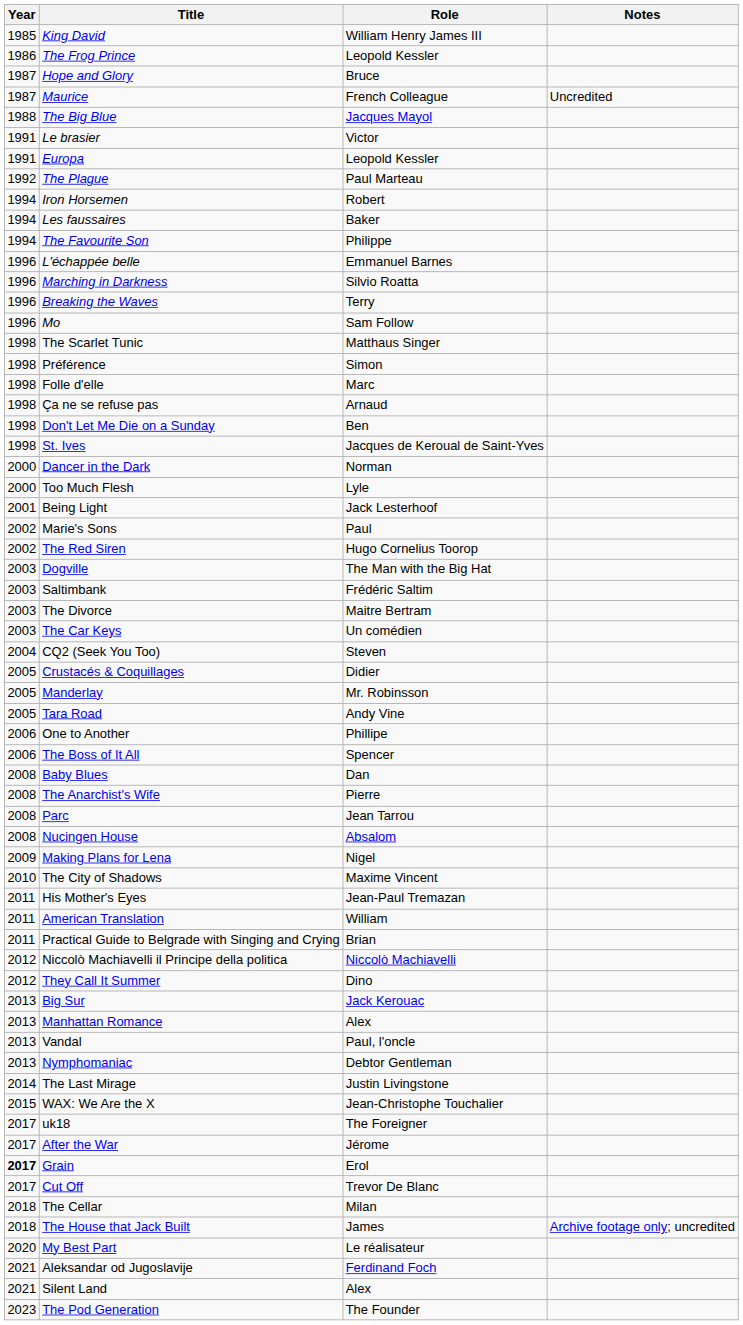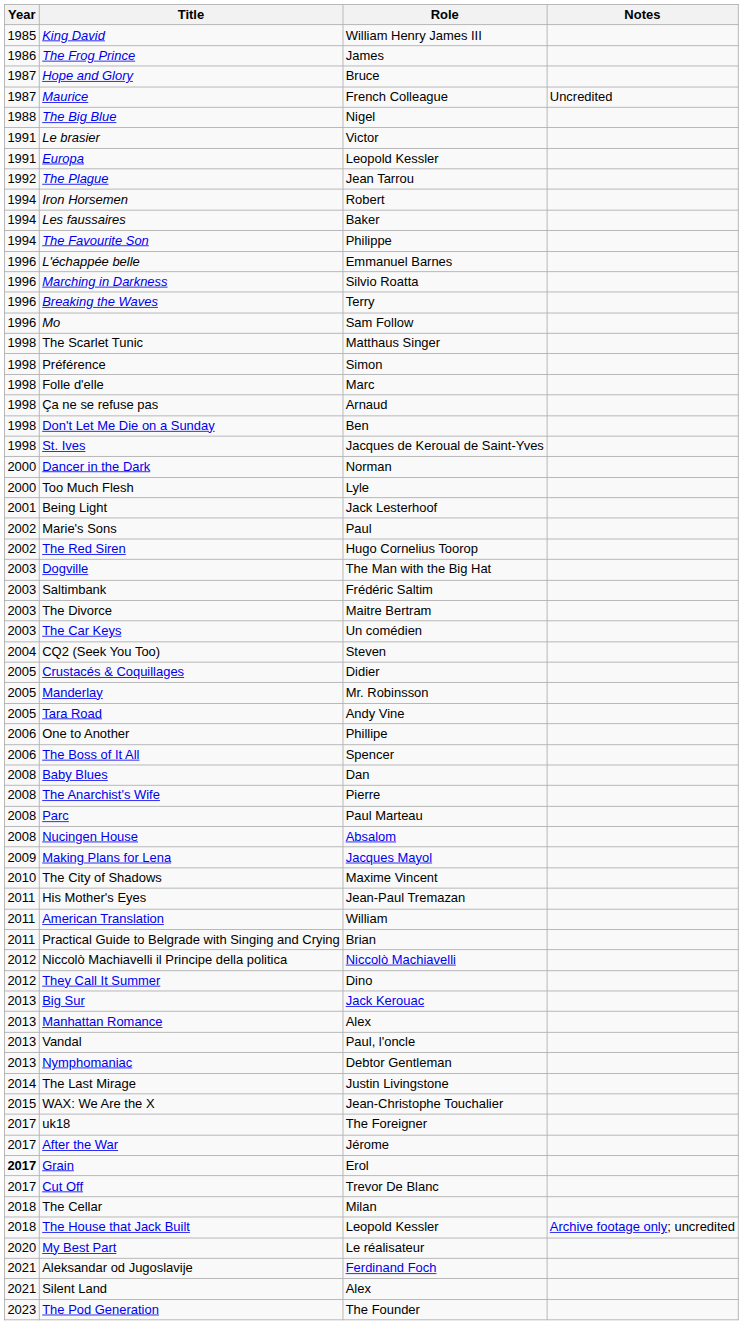 <table class="wikitable sortable">
 <tr>
 <th>Year</th>
 <th>Title</th>
 <th>Role</th>
 <th>Notes</th>
 </tr>
 <tr>
 <td>1985</td>
 <td><a href='#'><em>King David</em></a></td>
 <td>William Henry James III</td>
 <td></td>
 </tr>
 <tr>
 <td>1986</td>
 <td><a href='#'><em>The Frog Prince</em></a></td>
-<td>Leopold Kessler</td>
+<td>James</td>
 <td></td>
 </tr>
 <tr>
 <td>1987</td>
 <td><a href='#'><em>Hope and Glory</em></a></td>
 <td>Bruce</td>
 <td></td>
 </tr>
 <tr>
 <td>1987</td>
 <td><a href='#'><em>Maurice</em></a></td>
 <td>French Colleague</td>
 <td>Uncredited</td>
 </tr>
 <tr>
 <td>1988</td>
 <td><em><a href='#'>The Big Blue</a></em></td>
-<td><a href='#'>Jacques Mayol</a></td>
+<td>Nigel</td>
 <td></td>
 </tr>
 <tr>
 <td>1991</td>
 <td><em>Le brasier</em></td>
 <td>Victor</td>
 <td></td>
 </tr>
 <tr>
 <td>1991</td>
 <td><a href='#'><em>Europa</em></a></td>
 <td>Leopold Kessler</td>
 <td></td>
 </tr>
 <tr>
 <td>1992</td>
 <td><a href='#'><em>The Plague</em></a></td>
-<td>Paul Marteau</td>
+<td>Jean Tarrou</td>
 <td></td>
 </tr>
 <tr>
 <td>1994</td>
 <td><em>Iron Horsemen</em></td>
 <td>Robert</td>
 <td></td>
 </tr>
 <tr>
 <td>1994</td>
 <td><em>Les faussaires</em></td>
 <td>Baker</td>
 <td></td>
 </tr>
 <tr>
 <td>1994</td>
 <td><em><a href='#'>The Favourite Son</a></em></td>
 <td>Philippe</td>
 <td></td>
 </tr>
 <tr>
 <td>1996</td>
 <td><em>L'échappée belle</em></td>
 <td>Emmanuel Barnes</td>
 <td></td>
 </tr>
 <tr>
 <td>1996</td>
 <td><em><a href='#'>Marching in Darkness</a></em></td>
 <td>Silvio Roatta</td>
 <td></td>
 </tr>
 <tr>
 <td>1996</td>
 <td><em><a href='#'>Breaking the Waves</a></em></td>
 <td>Terry</td>
 <td></td>
 </tr>
 <tr>
 <td>1996</td>
 <td><em>Mo<strong></td>
 <td>Sam Follow</td>
 <td></td>
 </tr>
 <tr>
 <td>1998</td>
 <td></em>The Scarlet Tunic<em></td>
 <td>Matthaus Singer</td>
 <td></td>
 </tr>
 <tr>
 <td>1998</td>
 <td></em>Préférence<em></td>
 <td>Simon</td>
 <td></td>
 </tr>
 <tr>
 <td>1998</td>
 <td></em>Folle d'elle<em></td>
 <td>Marc</td>
 <td></td>
 </tr>
 <tr>
 <td>1998</td>
 <td></em>Ça ne se refuse pas<em></td>
 <td>Arnaud</td>
 <td></td>
 </tr>
 <tr>
 <td>1998</td>
 <td></em><a href='#'>Don't Let Me Die on a Sunday</a><em></td>
 <td>Ben</td>
 <td></td>
 </tr>
 <tr>
 <td>1998</td>
 <td><a href='#'></em>St. Ives<em></a></td>
 <td>Jacques de Keroual de Saint-Yves</td>
 <td></td>
 </tr>
 <tr>
 <td>2000</td>
 <td></em><a href='#'>Dancer in the Dark</a><em></td>
 <td>Norman</td>
 <td></td>
 </tr>
 <tr>
 <td>2000</td>
 <td></em>Too Much Flesh<em></td>
 <td>Lyle</td>
 <td></td>
 </tr>
 <tr>
 <td>2001</td>
 <td></em>Being Light<em></td>
 <td>Jack Lesterhoof</td>
 <td></td>
 </tr>
 <tr>
 <td>2002</td>
 <td></em>Marie's Sons<em></td>
 <td>Paul</td>
 <td></td>
 </tr>
 <tr>
 <td>2002</td>
 <td></em><a href='#'>The Red Siren</a><em></td>
 <td>Hugo Cornelius Toorop</td>
 <td></td>
 </tr>
 <tr>
 <td>2003</td>
 <td></em><a href='#'>Dogville</a><em></td>
 <td>The Man with the Big Hat</td>
 <td></td>
 </tr>
 <tr>
 <td>2003</td>
 <td></em>Saltimbank<em></td>
 <td>Frédéric Saltim</td>
 <td></td>
 </tr>
 <tr>
 <td>2003</td>
 <td></em>The Divorce<em></td>
 <td>Maitre Bertram</td>
 <td></td>
 </tr>
 <tr>
 <td>2003</td>
 <td></em><a href='#'>The Car Keys</a><em></td>
 <td>Un comédien</td>
 <td></td>
 </tr>
 <tr>
 <td>2004</td>
 <td></em>CQ2 (Seek You Too)<em></td>
 <td>Steven</td>
 <td></td>
 </tr>
 <tr>
 <td>2005</td>
 <td></em><a href='#'>Crustacés & Coquillages</a><em></td>
 <td>Didier</td>
 <td></td>
 </tr>
 <tr>
 <td>2005</td>
 <td></em><a href='#'>Manderlay</a><em></td>
 <td>Mr. Robinsson</td>
 <td></td>
 </tr>
 <tr>
 <td>2005</td>
 <td><a href='#'></em>Tara Road<em></a></td>
 <td>Andy Vine</td>
 <td></td>
 </tr>
 <tr>
 <td>2006</td>
 <td></em>One to Another<em></td>
 <td>Phillipe</td>
 <td></td>
 </tr>
 <tr>
 <td>2006</td>
 <td></em><a href='#'>The Boss of It All</a><em></td>
 <td>Spencer</td>
 <td></td>
 </tr>
 <tr>
 <td>2008</td>
 <td><a href='#'></em>Baby Blues<em></a></td>
 <td>Dan</td>
 <td></td>
 </tr>
 <tr>
 <td>2008</td>
 <td></em><a href='#'>The Anarchist's Wife</a><em></td>
 <td>Pierre</td>
 <td></td>
 </tr>
 <tr>
 <td>2008</td>
 <td><a href='#'></em>Parc<em></a></td>
-<td>Jean Tarrou</td>
+<td>Paul Marteau</td>
 <td></td>
 </tr>
 <tr>
 <td>2008</td>
 <td></em><a href='#'>Nucingen House</a><em></td>
 <td><a href='#'>Absalom</a></td>
 <td></td>
 </tr>
 <tr>
 <td>2009</td>
 <td></em><a href='#'>Making Plans for Lena</a><em></td>
-<td>Nigel</td>
+<td><a href='#'>Jacques Mayol</a></td>
 <td></td>
 </tr>
 <tr>
 <td>2010</td>
 <td></em>The City of Shadows<em></td>
 <td>Maxime Vincent</td>
 <td></td>
 </tr>
 <tr>
 <td>2011</td>
 <td></em>His Mother's Eyes<em></td>
 <td>Jean-Paul Tremazan</td>
 <td></td>
 </tr>
 <tr>
 <td>2011</td>
 <td></em><a href='#'>American Translation</a><em></td>
 <td>William</td>
 <td></td>
 </tr>
 <tr>
 <td>2011</td>
 <td></em>Practical Guide to Belgrade with Singing and Crying<em></td>
 <td>Brian</td>
 <td></td>
 </tr>
 <tr>
 <td>2012</td>
 <td></em>Niccolò Machiavelli il Principe della politica<em></td>
 <td><a href='#'>Niccolò Machiavelli</a></td>
 <td></td>
 </tr>
 <tr>
 <td>2012</td>
 <td></em><a href='#'>They Call It Summer</a><em></td>
 <td>Dino</td>
 <td></td>
 </tr>
 <tr>
 <td>2013</td>
 <td><a href='#'></em>Big Sur<em></a></td>
 <td><a href='#'>Jack Kerouac</a></td>
 <td></td>
 </tr>
 <tr>
 <td>2013</td>
 <td></em><a href='#'>Manhattan Romance</a><em></td>
 <td>Alex</td>
 <td></td>
 </tr>
 <tr>
 <td>2013</td>
 <td></em>Vandal<em></td>
 <td>Paul, l'oncle</td>
 <td></td>
 </tr>
 <tr>
 <td>2013</td>
 <td><a href='#'></em>Nymphomaniac<em></a></td>
 <td>Debtor Gentleman</td>
 <td></td>
 </tr>
 <tr>
 <td>2014</td>
 <td></em>The Last Mirage<em></td>
 <td>Justin Livingstone</td>
 <td></td>
 </tr>
 <tr>
 <td>2015</td>
 <td></em>WAX: We Are the X<em></td>
 <td>Jean-Christophe Touchalier</td>
 <td></td>
 </tr>
 <tr>
 <td>2017</td>
 <td></em>uk18<em></td>
 <td>The Foreigner</td>
 <td></td>
 </tr>
 <tr>
 <td>2017</td>
 <td><a href='#'></em>After the War<em></a></td>
 <td>Jérome</td>
 <td></td>
 </tr>
 <tr>
 <td><strong>2017</strong></td>
 <td><a href='#'></em>Grain<em></a></td>
 <td>Erol</td>
 <td></td>
 </tr>
 <tr>
 <td>2017</td>
 <td><a href='#'></em>Cut Off<em></a></td>
 <td>Trevor De Blanc</td>
 <td></td>
 </tr>
 <tr>
 <td>2018</td>
 <td></em>The Cellar<em></td>
 <td>Milan</td>
 <td></td>
 </tr>
 <tr>
 <td>2018</td>
 <td></em><a href='#'>The House that Jack Built</a><em></td>
-<td>James</td>
+<td>Leopold Kessler</td>
 <td><a href='#'>Archive footage only</a>; uncredited</td>
 </tr>
 <tr>
 <td>2020</td>
 <td></em><a href='#'>My Best Part</a><em></td>
 <td>Le réalisateur</td>
 <td></td>
 </tr>
 <tr>
 <td>2021</td>
 <td></em>Aleksandar od Jugoslavije<em></td>
 <td><a href='#'>Ferdinand Foch</a></td>
 <td></td>
 </tr>
 <tr>
 <td>2021</td>
 <td></em>Silent Land<em></td>
 <td>Alex</td>
 <td></td>
 </tr>
 <tr>
 <td>2023</td>
 <td></em><a href='#'>The Pod Generation</a><em></td>
 <td>The Founder</td>
 <td></td>
 </tr>
 </table>
